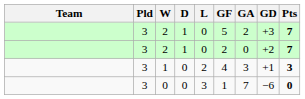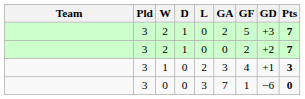 <table class="wikitable" style="text-align: center;">
 <tr>
 <th width="175">Team</th>
 <th width="20">Pld</th>
 <th width="20">W</th>
 <th width="20">D</th>
 <th width="20">L</th>
+<th width="20">GA</th>
 <th width="20">GF</th>
-<th width="20">GA</th>
 <th width="20">GD</th>
 <th width="20">Pts</th>
 </tr>
 <tr bgcolor=#ccffcc>
 <td align=left></td>
 <td>3</td>
 <td>2</td>
 <td>1</td>
 <td>0</td>
+<td>2</td>
 <td>5</td>
-<td>2</td>
 <td>+3</td>
 <td><strong>7</strong></td>
 </tr>
 <tr bgcolor=#ccffcc>
 <td align=left></td>
 <td>3</td>
 <td>2</td>
 <td>1</td>
 <td>0</td>
+<td>0</td>
 <td>2</td>
-<td>0</td>
 <td>+2</td>
 <td><strong>7</strong></td>
 </tr>
 <tr>
 <td align=left></td>
 <td>3</td>
 <td>1</td>
 <td>0</td>
 <td>2</td>
+<td>3</td>
 <td>4</td>
-<td>3</td>
 <td>+1</td>
 <td><strong>3</strong></td>
 </tr>
 <tr>
 <td align=left></td>
 <td>3</td>
 <td>0</td>
 <td>0</td>
 <td>3</td>
+<td>7</td>
 <td>1</td>
-<td>7</td>
 <td>−6</td>
 <td><strong>0</strong></td>
 </tr>
 </table>
